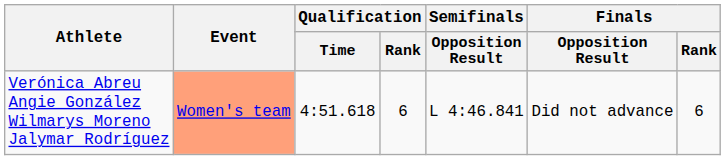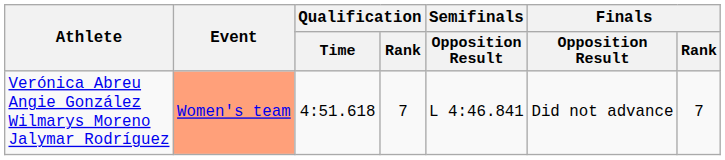 <table class=wikitable style="font-size:90%;">
 <tr>
 <th rowspan=2>Athlete</th>
 <th rowspan=2>Event</th>
 <th colspan=2>Qualification</th>
 <th>Semifinals</th>
 <th colspan=2>Finals</th>
 </tr>
 <tr style="font-size:95%">
 <th>Time</th>
 <th>Rank</th>
 <th>Opposition<br>Result</th>
 <th>Opposition<br>Result</th>
 <th>Rank</th>
 </tr>
 <tr align=center>
 <td align=left><a href='#'>Verónica Abreu</a><br><a href='#'>Angie González</a><br><a href='#'>Wilmarys Moreno</a><br><a href='#'>Jalymar Rodríguez</a></td>
 <td align=left style="background: lightsalmon;"><a href='#'>Women's team</a></td>
 <td>4:51.618</td>
-<td>6</td>
+<td>7</td>
 <td>L 4:46.841</td>
 <td>Did not advance</td>
-<td>6</td>
+<td>7</td>
 </tr>
 </table>
